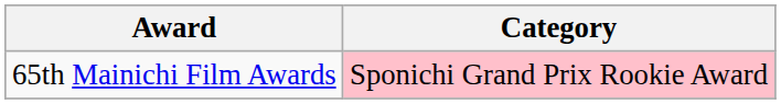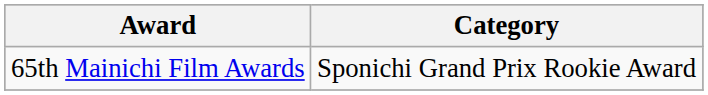 <table class="wikitable">
 <tr>
 <th>Award</th>
 <th>Category</th>
 </tr>
 <tr>
 <td>65th <a href='#'>Mainichi Film Awards</a></td>
-<td style="background: pink;">Sponichi Grand Prix Rookie Award</td>
+<td>Sponichi Grand Prix Rookie Award</td>
 </tr>
 </table>
